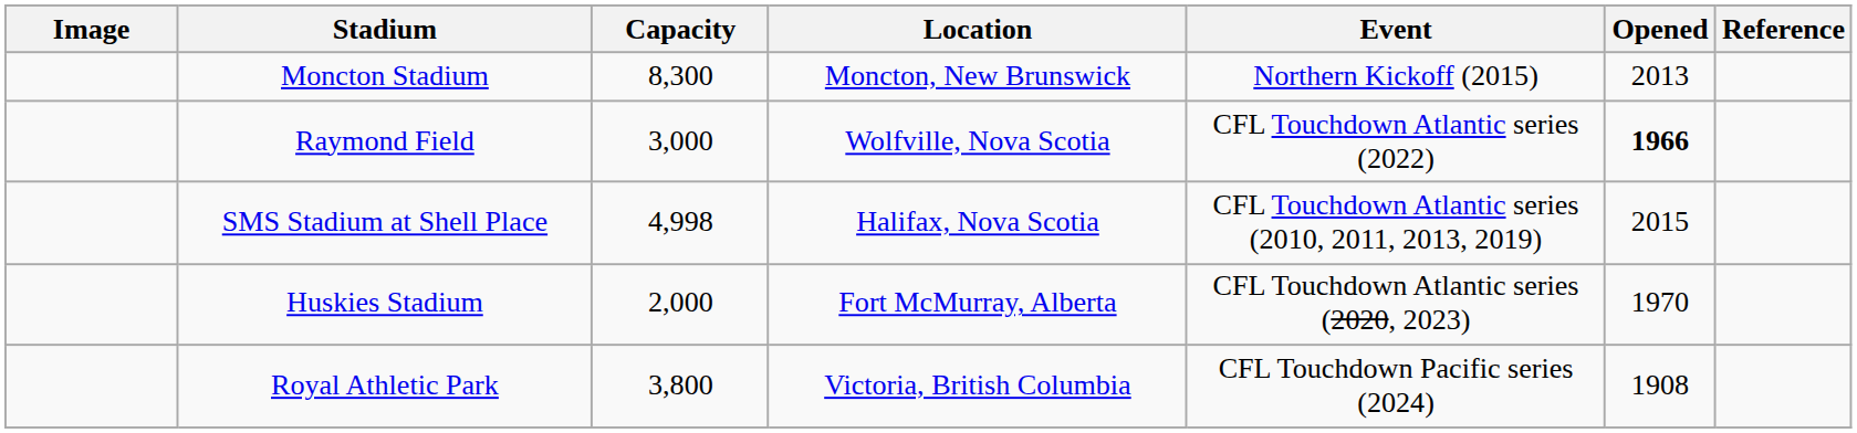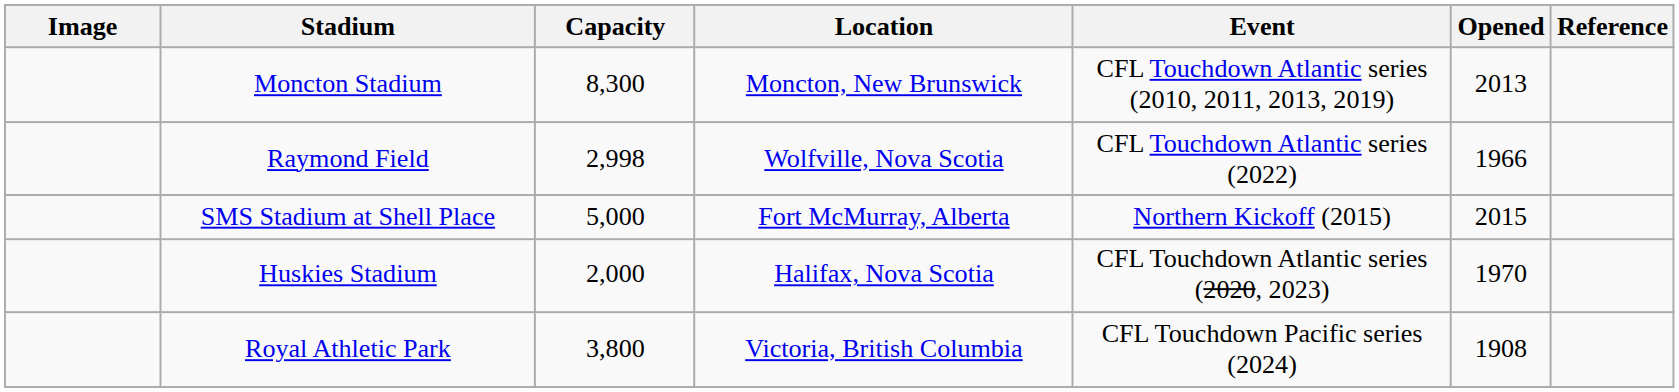 <table class="wikitable" style="font-size: 85%; text-align: center;">
 <tr>
 <th style="width:10%;">Image</th>
 <th style="width:25%;">Stadium</th>
 <th style="width:10%;">Capacity</th>
 <th style="width:25%;">Location</th>
 <th style="width:25%;">Event</th>
 <th style="width:25%;">Opened</th>
 <th style="width:20%;">Reference</th>
 </tr>
 <tr>
 <td></td>
 <td><a href='#'>Moncton Stadium</a></td>
 <td>8,300</td>
 <td><a href='#'>Moncton, New Brunswick</a></td>
-<td><a href='#'>Northern Kickoff</a> (2015)</td>
+<td>CFL <a href='#'>Touchdown Atlantic</a> series (2010, 2011, 2013, 2019)</td>
 <td>2013</td>
 <td></td>
 </tr>
 <tr>
 <td></td>
 <td><a href='#'>Raymond Field</a></td>
-<td>3,000</td>
+<td>2,998</td>
 <td><a href='#'>Wolfville, Nova Scotia</a></td>
 <td>CFL <a href='#'>Touchdown Atlantic</a> series (2022)</td>
-<td><strong>1966</strong></td>
+<td>1966</td>
 <td></td>
 </tr>
 <tr>
 <td></td>
 <td><a href='#'>SMS Stadium at Shell Place</a></td>
-<td>4,998</td>
-<td><a href='#'>Halifax, Nova Scotia</a></td>
-<td>CFL <a href='#'>Touchdown Atlantic</a> series (2010, 2011, 2013, 2019)</td>
+<td>5,000</td>
+<td><a href='#'>Fort McMurray, Alberta</a></td>
+<td><a href='#'>Northern Kickoff</a> (2015)</td>
 <td>2015</td>
 <td></td>
 </tr>
 <tr>
 <td></td>
 <td><a href='#'>Huskies Stadium</a></td>
 <td>2,000</td>
-<td><a href='#'>Fort McMurray, Alberta</a></td>
+<td><a href='#'>Halifax, Nova Scotia</a></td>
 <td>CFL Touchdown Atlantic series (<s>2020</s>, 2023)</td>
 <td>1970</td>
 <td></td>
 </tr>
 <tr>
 <td></td>
 <td><a href='#'>Royal Athletic Park</a></td>
 <td>3,800</td>
 <td><a href='#'>Victoria, British Columbia</a></td>
 <td>CFL Touchdown Pacific series (2024)</td>
 <td>1908</td>
 <td></td>
 </tr>
 </table>
